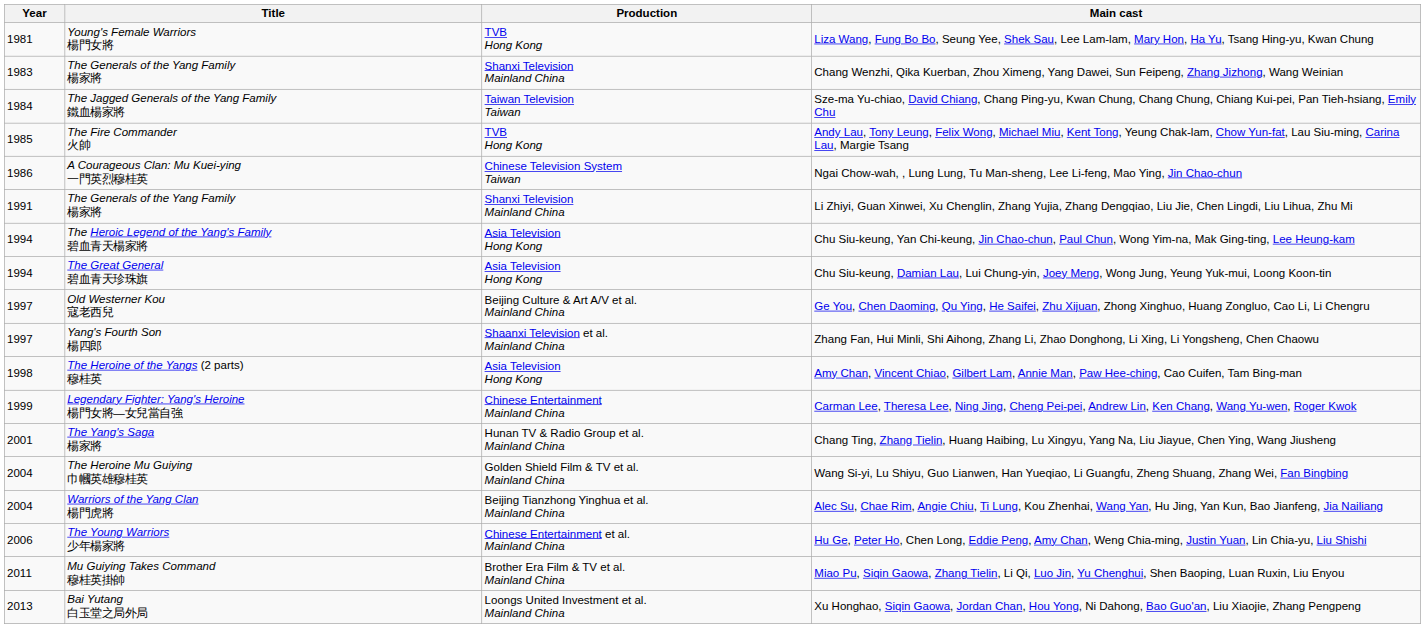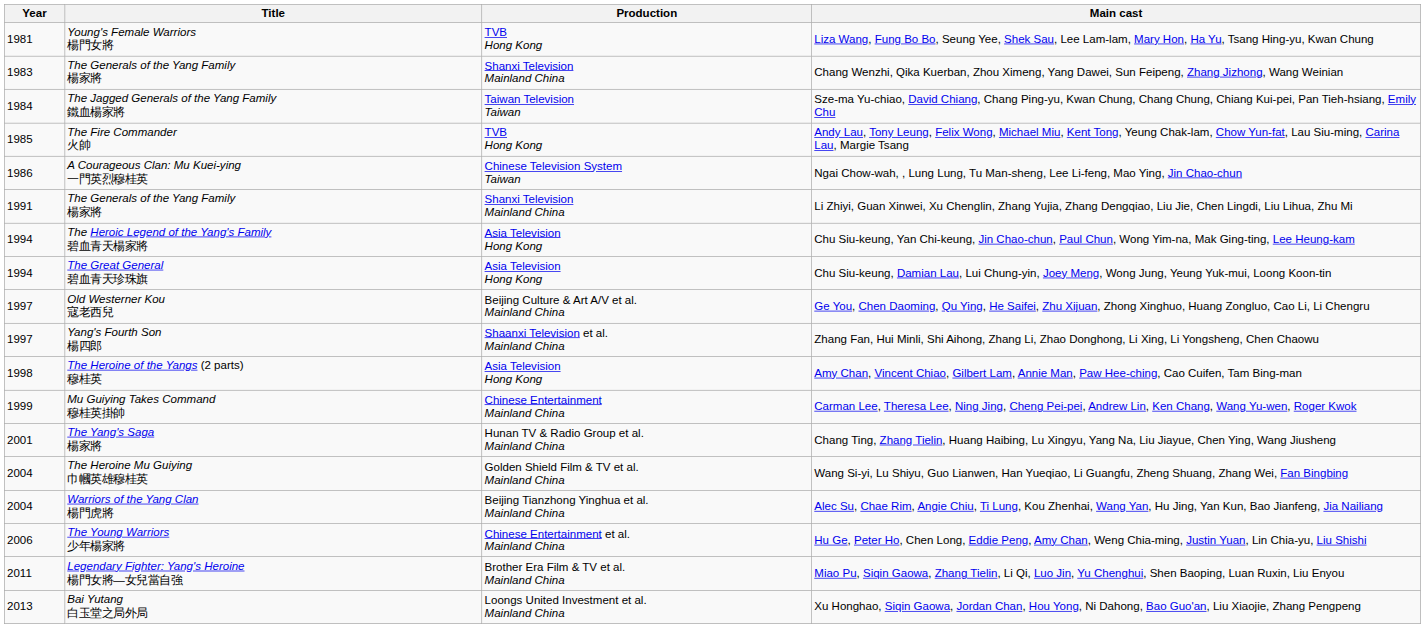 <table class="wikitable">
 <tr>
 <th>Year</th>
 <th>Title</th>
 <th>Production</th>
 <th width="43%">Main cast</th>
 </tr>
 <tr>
 <td>1981</td>
 <td><em>Young's Female Warriors</em><br>楊門女將</td>
 <td><a href='#'>TVB</a><br><em>Hong Kong</em></td>
 <td><a href='#'>Liza Wang</a>, <a href='#'>Fung Bo Bo</a>, Seung Yee, <a href='#'>Shek Sau</a>, Lee Lam-lam, <a href='#'>Mary Hon</a>, <a href='#'>Ha Yu</a>, Tsang Hing-yu, Kwan Chung</td>
 </tr>
 <tr>
 <td>1983</td>
 <td><em>The Generals of the Yang Family</em><br>楊家將</td>
 <td><a href='#'>Shanxi Television</a><br><em>Mainland China</em></td>
 <td>Chang Wenzhi, Qika Kuerban, Zhou Ximeng, Yang Dawei, Sun Feipeng, <a href='#'>Zhang Jizhong</a>, Wang Weinian</td>
 </tr>
 <tr>
 <td>1984</td>
 <td><em>The Jagged Generals of the Yang Family</em><br>鐵血楊家將</td>
 <td><a href='#'>Taiwan Television</a><br><em>Taiwan</em></td>
 <td>Sze-ma Yu-chiao, <a href='#'>David Chiang</a>, Chang Ping-yu, Kwan Chung, Chang Chung, Chiang Kui-pei, Pan Tieh-hsiang, <a href='#'>Emily Chu</a></td>
 </tr>
 <tr>
 <td>1985</td>
 <td><em>The Fire Commander</em><br>火帥</td>
 <td><a href='#'>TVB</a><br><em>Hong Kong</em></td>
 <td><a href='#'>Andy Lau</a>, <a href='#'>Tony Leung</a>, <a href='#'>Felix Wong</a>, <a href='#'>Michael Miu</a>, <a href='#'>Kent Tong</a>, Yeung Chak-lam, <a href='#'>Chow Yun-fat</a>, Lau Siu-ming, <a href='#'>Carina Lau</a>, Margie Tsang</td>
 </tr>
 <tr>
 <td>1986</td>
 <td><em>A Courageous Clan: Mu Kuei-ying</em><br>一門英烈穆桂英</td>
 <td><a href='#'>Chinese Television System</a><br><em>Taiwan</em></td>
 <td>Ngai Chow-wah, , Lung Lung, Tu Man-sheng, Lee Li-feng, Mao Ying, <a href='#'>Jin Chao-chun</a></td>
 </tr>
 <tr>
 <td>1991</td>
 <td><em>The Generals of the Yang Family</em><br>楊家將</td>
 <td><a href='#'>Shanxi Television</a><br><em>Mainland China</em></td>
 <td>Li Zhiyi, Guan Xinwei, Xu Chenglin, Zhang Yujia, Zhang Dengqiao, Liu Jie, Chen Lingdi, Liu Lihua, Zhu Mi</td>
 </tr>
 <tr>
 <td>1994</td>
 <td><em>The <a href='#'>Heroic Legend of the Yang's Family</a></em><br>碧血青天楊家將</td>
 <td><a href='#'>Asia Television</a><br><em>Hong Kong</em></td>
 <td>Chu Siu-keung, Yan Chi-keung, <a href='#'>Jin Chao-chun</a>, <a href='#'>Paul Chun</a>, Wong Yim-na, Mak Ging-ting, <a href='#'>Lee Heung-kam</a></td>
 </tr>
 <tr>
 <td>1994</td>
 <td><em><a href='#'>The Great General</a></em><br>碧血青天珍珠旗</td>
 <td><a href='#'>Asia Television</a><br><em>Hong Kong</em></td>
 <td>Chu Siu-keung, <a href='#'>Damian Lau</a>, Lui Chung-yin, <a href='#'>Joey Meng</a>, Wong Jung, Yeung Yuk-mui, Loong Koon-tin</td>
 </tr>
 <tr>
 <td>1997</td>
 <td><em>Old Westerner Kou</em><br>寇老西兒</td>
 <td>Beijing Culture & Art A/V et al.<br><em>Mainland China</em></td>
 <td><a href='#'>Ge You</a>, <a href='#'>Chen Daoming</a>, <a href='#'>Qu Ying</a>, <a href='#'>He Saifei</a>, <a href='#'>Zhu Xijuan</a>, Zhong Xinghuo, Huang Zongluo, Cao Li, Li Chengru</td>
 </tr>
 <tr>
 <td>1997</td>
 <td><em>Yang's Fourth Son</em><br>楊四郎</td>
 <td><a href='#'>Shaanxi Television</a> et al.<br><em>Mainland China</em></td>
 <td>Zhang Fan, Hui Minli, Shi Aihong, Zhang Li, Zhao Donghong, Li Xing, Li Yongsheng, Chen Chaowu</td>
 </tr>
 <tr>
 <td>1998</td>
 <td><em><a href='#'>The Heroine of the Yangs</a></em> (2 parts)<br>穆桂英</td>
 <td><a href='#'>Asia Television</a><br><em>Hong Kong</em></td>
 <td><a href='#'>Amy Chan</a>, <a href='#'>Vincent Chiao</a>, <a href='#'>Gilbert Lam</a>, <a href='#'>Annie Man</a>, <a href='#'>Paw Hee-ching</a>, Cao Cuifen, Tam Bing-man</td>
 </tr>
 <tr>
 <td>1999</td>
-<td><em><a href='#'>Legendary Fighter: Yang's Heroine</a></em><br>楊門女將—女兒當自強</td>
+<td><em>Mu Guiying Takes Command</em><br>穆桂英掛帥</td>
 <td><a href='#'>Chinese Entertainment</a><br><em>Mainland China</em></td>
 <td><a href='#'>Carman Lee</a>, <a href='#'>Theresa Lee</a>, <a href='#'>Ning Jing</a>, <a href='#'>Cheng Pei-pei</a>, <a href='#'>Andrew Lin</a>, <a href='#'>Ken Chang</a>, <a href='#'>Wang Yu-wen</a>, <a href='#'>Roger Kwok</a></td>
 </tr>
 <tr>
 <td>2001</td>
 <td><em><a href='#'>The Yang's Saga</a></em><br>楊家將</td>
 <td>Hunan TV & Radio Group et al.<br><em>Mainland China</em></td>
 <td>Chang Ting, <a href='#'>Zhang Tielin</a>, Huang Haibing, Lu Xingyu, Yang Na, Liu Jiayue, Chen Ying, Wang Jiusheng</td>
 </tr>
 <tr>
 <td>2004</td>
 <td><em>The Heroine Mu Guiying</em><br>巾幗英雄穆桂英</td>
 <td>Golden Shield Film & TV et al.<br><em>Mainland China</em></td>
 <td>Wang Si-yi, Lu Shiyu, Guo Lianwen, Han Yueqiao, Li Guangfu, Zheng Shuang, Zhang Wei, <a href='#'>Fan Bingbing</a></td>
 </tr>
 <tr>
 <td>2004</td>
 <td><em><a href='#'>Warriors of the Yang Clan</a></em><br>楊門虎將</td>
 <td>Beijing Tianzhong Yinghua et al.<br><em>Mainland China</em></td>
 <td><a href='#'>Alec Su</a>, <a href='#'>Chae Rim</a>, <a href='#'>Angie Chiu</a>, <a href='#'>Ti Lung</a>, Kou Zhenhai, <a href='#'>Wang Yan</a>, Hu Jing, Yan Kun, Bao Jianfeng, <a href='#'>Jia Nailiang</a></td>
 </tr>
 <tr>
 <td>2006</td>
 <td><em><a href='#'>The Young Warriors</a></em><br>少年楊家將</td>
 <td><a href='#'>Chinese Entertainment</a> et al.<br><em>Mainland China</em></td>
 <td><a href='#'>Hu Ge</a>, <a href='#'>Peter Ho</a>, Chen Long, <a href='#'>Eddie Peng</a>, <a href='#'>Amy Chan</a>, Weng Chia-ming, <a href='#'>Justin Yuan</a>, Lin Chia-yu, <a href='#'>Liu Shishi</a></td>
 </tr>
 <tr>
 <td>2011</td>
-<td><em>Mu Guiying Takes Command</em><br>穆桂英掛帥</td>
+<td><em><a href='#'>Legendary Fighter: Yang's Heroine</a></em><br>楊門女將—女兒當自強</td>
 <td>Brother Era Film & TV et al.<br><em>Mainland China</em></td>
 <td><a href='#'>Miao Pu</a>, <a href='#'>Siqin Gaowa</a>, <a href='#'>Zhang Tielin</a>, Li Qi, <a href='#'>Luo Jin</a>, <a href='#'>Yu Chenghui</a>, Shen Baoping, Luan Ruxin, Liu Enyou</td>
 </tr>
 <tr>
 <td>2013</td>
 <td><em>Bai Yutang</em><br>白玉堂之局外局</td>
 <td>Loongs United Investment et al.<br><em>Mainland China</em></td>
 <td>Xu Honghao, <a href='#'>Siqin Gaowa</a>, <a href='#'>Jordan Chan</a>, <a href='#'>Hou Yong</a>, Ni Dahong, <a href='#'>Bao Guo'an</a>, Liu Xiaojie, Zhang Pengpeng</td>
 </tr>
 </table>
